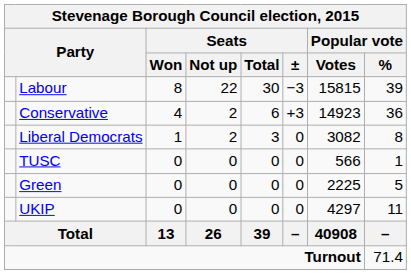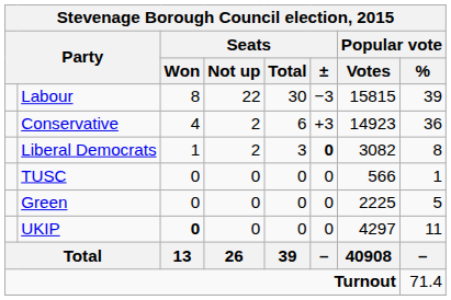 <table class="wikitable">
 <tr>
 <th colspan="8"><strong>Stevenage Borough Council election, 2015</strong></th>
 </tr>
 <tr>
 <th rowspan="2" colspan="2">Party</th>
 <th colspan="4">Seats</th>
 <th colspan="2">Popular vote</th>
 </tr>
 <tr>
 <th>Won</th>
 <th>Not up</th>
 <th>Total</th>
 <th>±</th>
 <th>Votes</th>
 <th>%</th>
 </tr>
 <tr>
 <td style="background-color: "> </td>
 <td><a href='#'>Labour</a></td>
 <td align=right>8</td>
 <td align=right>22</td>
 <td align=right>30</td>
 <td align=right>−3</td>
 <td align=right>15815</td>
 <td align=right>39</td>
 </tr>
 <tr>
 <td style="background-color: "> </td>
 <td><a href='#'>Conservative</a></td>
 <td align=right>4</td>
 <td align=right>2</td>
 <td align=right>6</td>
 <td align=right>+3</td>
 <td align=right>14923</td>
 <td align=right>36</td>
 </tr>
 <tr>
 <td style="background-color: "> </td>
 <td><a href='#'>Liberal Democrats</a></td>
 <td align=right>1</td>
 <td align=right>2</td>
 <td align=right>3</td>
-<td align=right>0</td>
+<td align=right><strong>0</strong></td>
 <td align=right>3082</td>
 <td align=right>8</td>
 </tr>
 <tr>
 <td style="background-color: "> </td>
 <td><a href='#'>TUSC</a></td>
 <td align=right>0</td>
 <td align=right>0</td>
 <td align=right>0</td>
 <td align=right>0</td>
 <td align=right>566</td>
 <td align=right>1</td>
 </tr>
 <tr>
 <td style="background-color: "> </td>
 <td><a href='#'>Green</a></td>
 <td align=right>0</td>
 <td align=right>0</td>
 <td align=right>0</td>
 <td align=right>0</td>
 <td align=right>2225</td>
 <td align=right>5</td>
 </tr>
 <tr>
 <td style="background-color: "> </td>
 <td><a href='#'>UKIP</a></td>
-<td align=right>0</td>
+<td align=right><strong>0</strong></td>
 <td align=right>0</td>
 <td align=right>0</td>
 <td align=right>0</td>
 <td align=right>4297</td>
 <td align=right>11</td>
 </tr>
 <tr>
 <th colspan="2">Total</th>
 <th align=right>13</th>
 <th align=right>26</th>
 <th align=right>39</th>
 <th align=right>–</th>
 <th align=right>40908</th>
 <th align=right>–</th>
 </tr>
 <tr>
 <td colspan="7" align=right><strong>Turnout</strong></td>
 <td align=right>71.4</td>
 </tr>
 <tr>
 </tr>
 </table>
